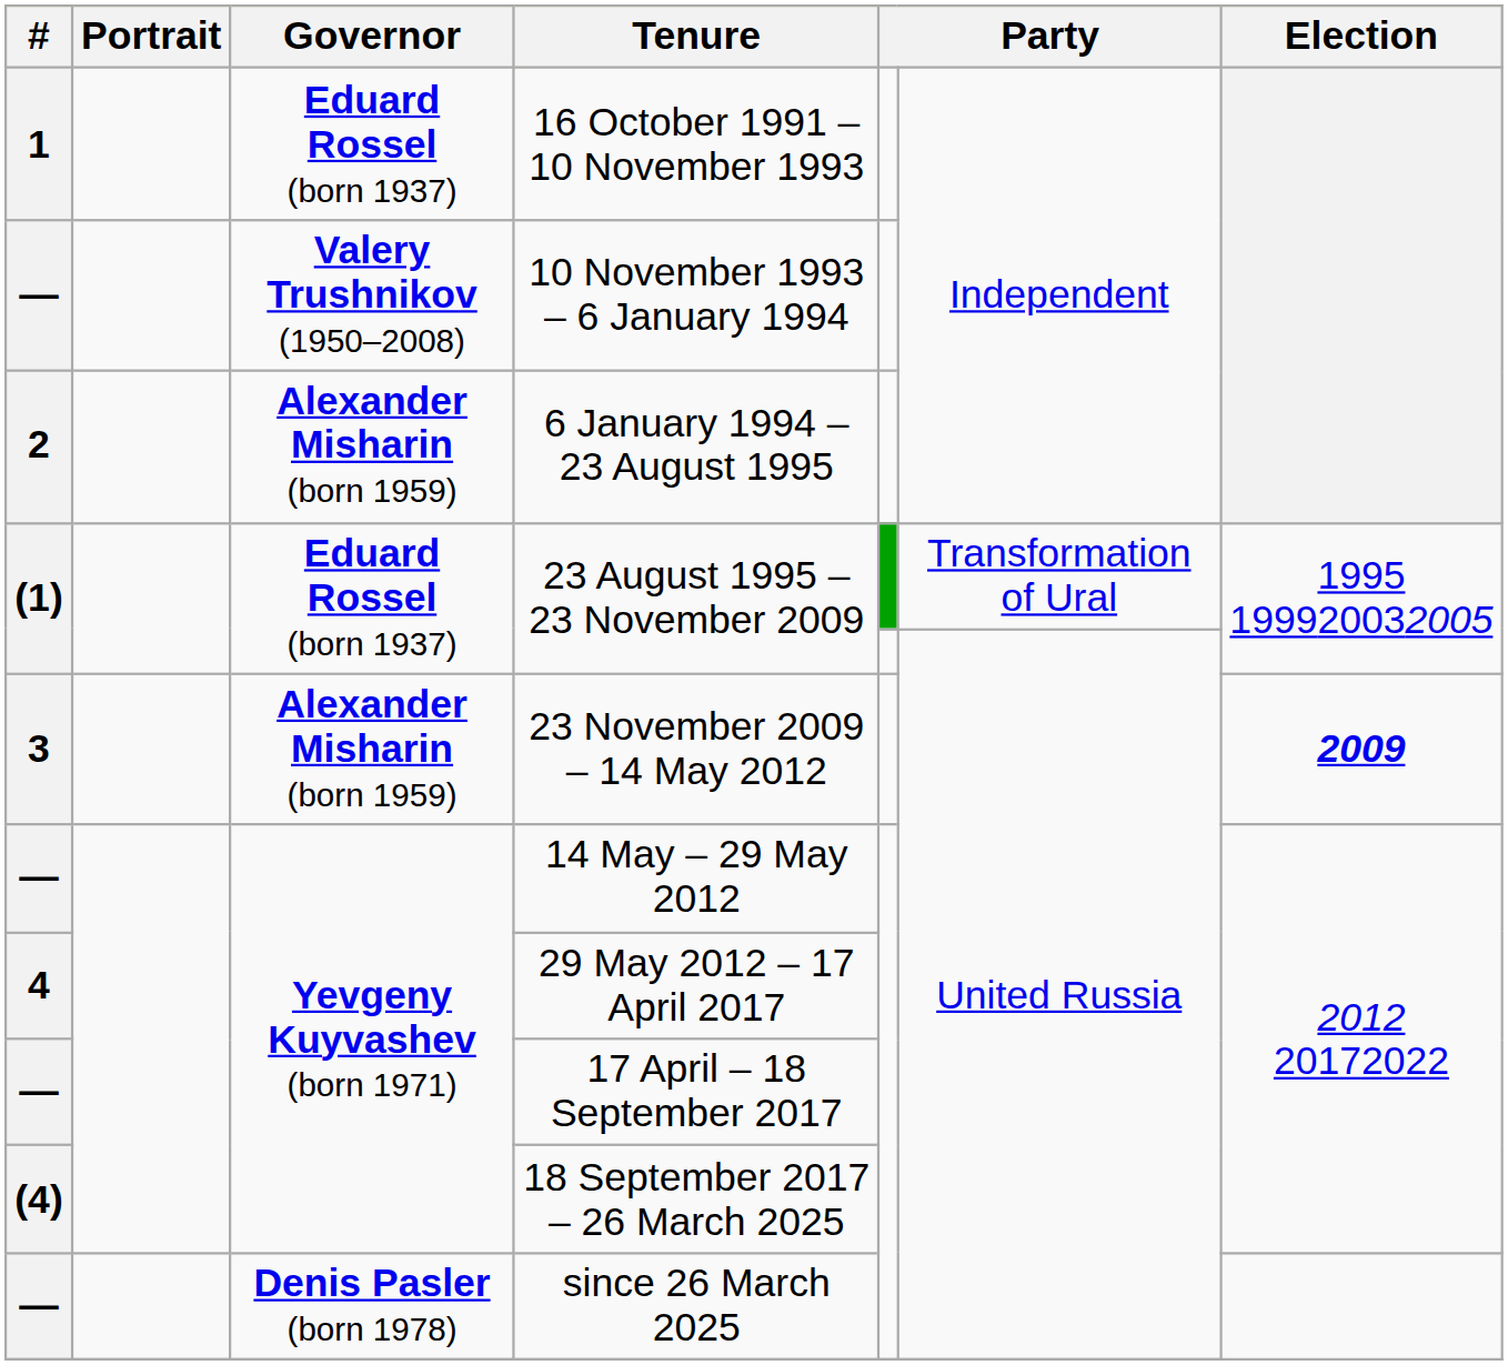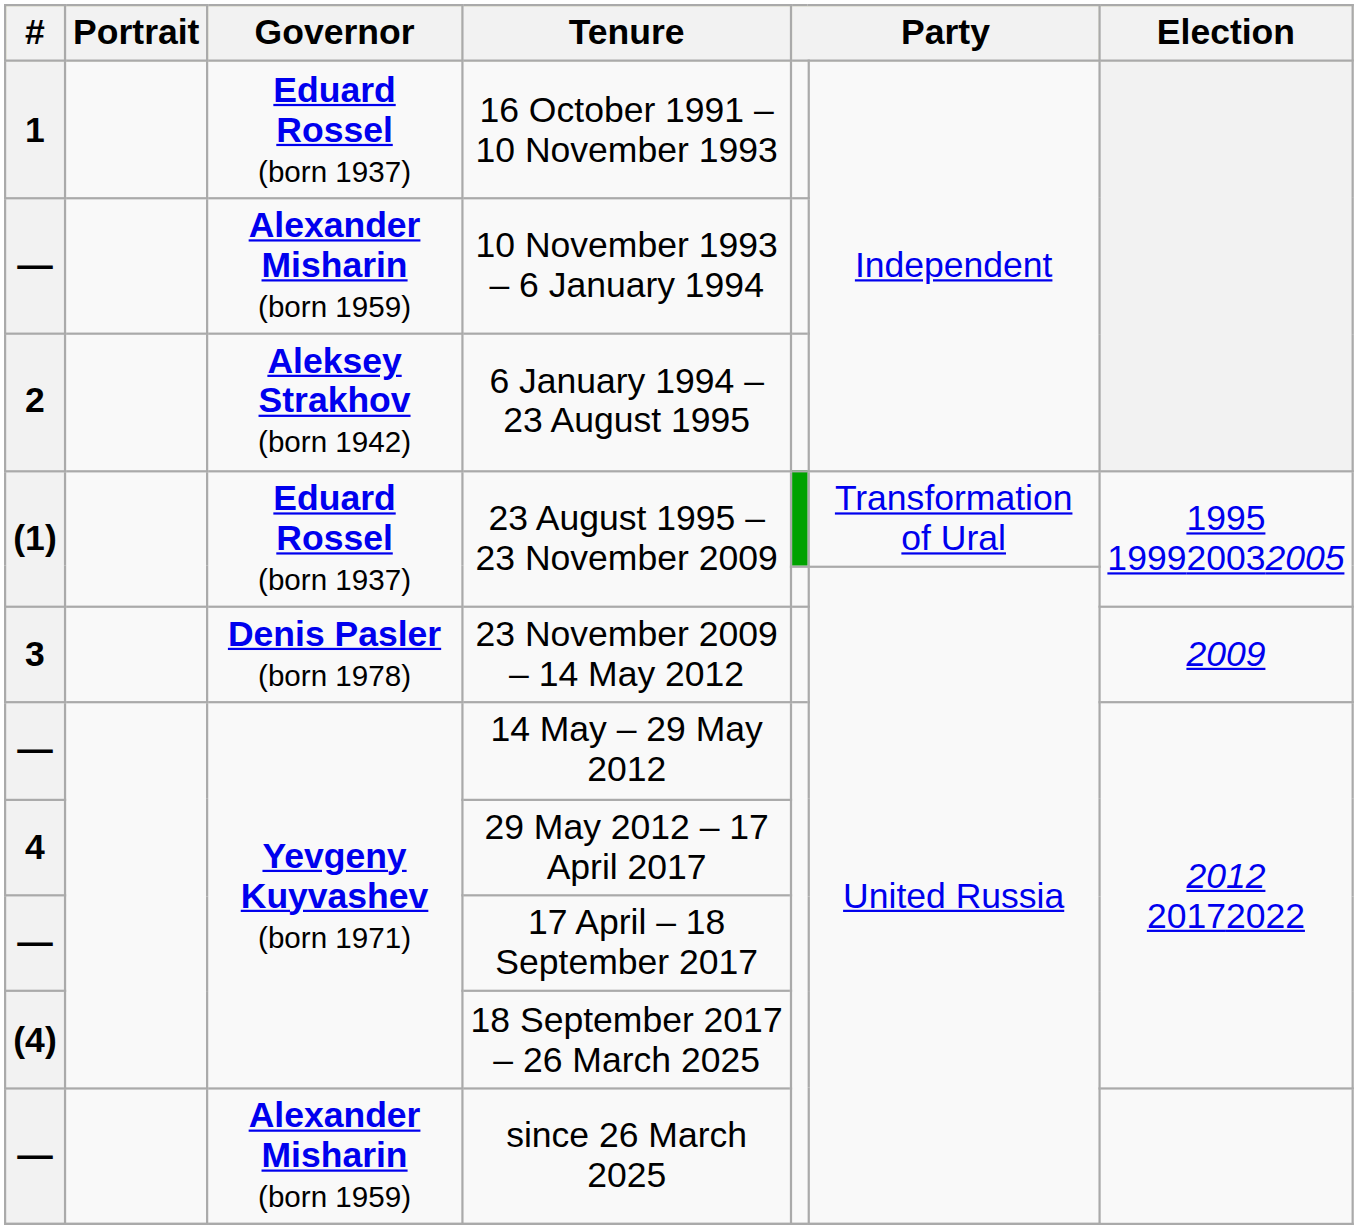 <table class="wikitable" style="text-align:center">
 <tr style="background:#CCCCCC; background:#E6E6AA;">
 <th>#</th>
 <th>Portrait</th>
 <th>Governor</th>
 <th>Tenure</th>
 <th colspan="2">Party</th>
 <th>Election</th>
 </tr>
 <tr>
 <th>1</th>
 <td></td>
 <td><strong><a href='#'>Eduard Rossel</a></strong><br><small>(born 1937)</small></td>
 <td>16 October 1991 – 10 November 1993</td>
 <td style="background: "></td>
 <td rowspan="3"><a href='#'>Independent</a></td>
 <th rowspan="3"></th>
 </tr>
 <tr>
 <th>—</th>
 <td></td>
-<td><strong><a href='#'>Valery Trushnikov</a></strong><br><small>(1950–2008)</small></td>
+<td><strong><a href='#'>Alexander Misharin</a></strong><br><small>(born 1959)</small></td>
 <td>10 November 1993 – 6 January 1994</td>
 <td style="background: "></td>
 </tr>
 <tr>
 <th>2</th>
 <td></td>
-<td><strong><a href='#'>Alexander Misharin</a></strong><br><small>(born 1959)</small></td>
+<td><strong><a href='#'>Aleksey Strakhov</a></strong><br><small>(born 1942)</small></td>
 <td>6 January 1994 – 23 August 1995</td>
 <td style="background: "></td>
 </tr>
 <tr>
 <th rowspan="2">(1)</th>
 <td rowspan="2"></td>
 <td rowspan="2"><strong><a href='#'>Eduard Rossel</a></strong><br><small>(born 1937)</small></td>
 <td rowspan="2">23 August 1995 – 23 November 2009</td>
 <td style="background:#00A200"></td>
 <td><a href='#'>Transformation of Ural</a></td>
 <td rowspan="2"><a href='#'>1995</a><br><a href='#'>1999</a><a href='#'>2003</a><em><a href='#'>2005</a></em></td>
 </tr>
 <tr>
 <td style="background: "></td>
 <td rowspan="7"><a href='#'>United Russia</a></td>
 </tr>
 <tr>
 <th>3</th>
 <td></td>
-<td><strong><a href='#'>Alexander Misharin</a></strong><br><small>(born 1959)</small></td>
+<td><strong><a href='#'>Denis Pasler</a></strong><br><small>(born 1978)</small></td>
 <td>23 November 2009 – 14 May 2012</td>
 <td style="background: "></td>
-<td><strong><em><a href='#'>2009</a></em></strong></td>
+<td><em><a href='#'>2009</a></em></td>
 </tr>
 <tr>
 <th>—</th>
 <td rowspan="4"></td>
 <td rowspan="4"><strong><a href='#'>Yevgeny Kuyvashev</a></strong><br><small>(born 1971)</small></td>
 <td>14 May – 29 May 2012</td>
 <td rowspan=5; style="background: "></td>
 <td rowspan="4"><em><a href='#'>2012</a></em><br><a href='#'>2017</a><a href='#'>2022</a></td>
 </tr>
 <tr>
 <th>4</th>
 <td>29 May 2012 – 17 April 2017</td>
 </tr>
 <tr>
 <th>—</th>
 <td>17 April – 18 September 2017</td>
 </tr>
 <tr>
 <th>(4)</th>
 <td>18 September 2017 – 26 March 2025</td>
 </tr>
 <tr>
 <th>—</th>
 <td></td>
-<td><strong><a href='#'>Denis Pasler</a></strong><br><small>(born 1978)</small></td>
+<td><strong><a href='#'>Alexander Misharin</a></strong><br><small>(born 1959)</small></td>
 <td>since 26 March 2025</td>
 </tr>
 <tr>
 </tr>
 </table>
